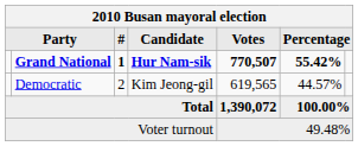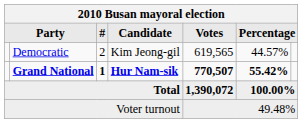 <table class="wikitable">
 <tr>
 <th colspan="7">2010 Busan mayoral election</th>
 </tr>
 <tr>
 <th style="background-color:#E9E9E9" colspan=2>Party</th>
 <th style="background-color:#E9E9E9">#</th>
 <th style="background-color:#E9E9E9">Candidate</th>
 <th style="background-color:#E9E9E9">Votes</th>
 <th style="background-color:#E9E9E9" colspan=2>Percentage</th>
 </tr>
+<tr>
+<td></td>
+<td align=left><a href='#'>Democratic</a></td>
+<td align=center>2</td>
+<td align=left>Kim Jeong-gil</td>
+<td align=right>619,565</td>
+<td align=right>44.57%</td>
+<td align=right></td>
+</tr>
 <tr style="font-weight:bold">
 <td></td>
 <td align=left><a href='#'>Grand National</a></td>
 <td align=center>1</td>
 <td align=left><a href='#'>Hur Nam-sik</a></td>
 <td align=right>770,507</td>
 <td align=right>55.42%</td>
-<td align=right></td>
-</tr>
-<tr>
-<td></td>
-<td align=left><a href='#'>Democratic</a></td>
-<td align=center>2</td>
-<td align=left>Kim Jeong-gil</td>
-<td align=right>619,565</td>
-<td align=right>44.57%</td>
 <td align=right></td>
 </tr>
 <tr bgcolor="#EEEEEE" style="font-weight:bold">
 <td colspan="4" align=right>Total</td>
 <td align=right>1,390,072</td>
 <td align=right colspan=2>100.00%</td>
 </tr>
 <tr bgcolor="#EEEEEE">
 <td colspan="4" align="right">Voter turnout</td>
 <td colspan="3" align="right">49.48%</td>
 </tr>
 </table>
